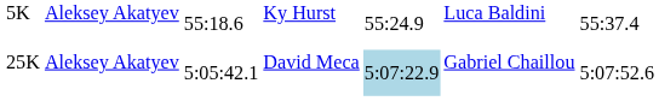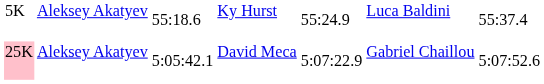 <table>
 <tr>
 <td>5K <br>  </td>
 <td><a href='#'>Aleksey Akatyev</a> <small><br>   </small></td>
 <td>55:18.6</td>
 <td><a href='#'>Ky Hurst</a> <small><br>   </small></td>
 <td>55:24.9</td>
 <td><a href='#'>Luca Baldini</a> <small><br>   </small></td>
 <td>55:37.4</td>
 </tr>
 <tr>
-<td>25K <br>  </td>
+<td style="background: pink;">25K <br>  </td>
 <td><a href='#'>Aleksey Akatyev</a> <small><br>   </small></td>
 <td>5:05:42.1</td>
 <td><a href='#'>David Meca</a> <small><br>   </small></td>
-<td style="background: lightblue;">5:07:22.9</td>
+<td>5:07:22.9</td>
 <td><a href='#'>Gabriel Chaillou</a> <small><br>   </small></td>
 <td>5:07:52.6</td>
 </tr>
 </table>
